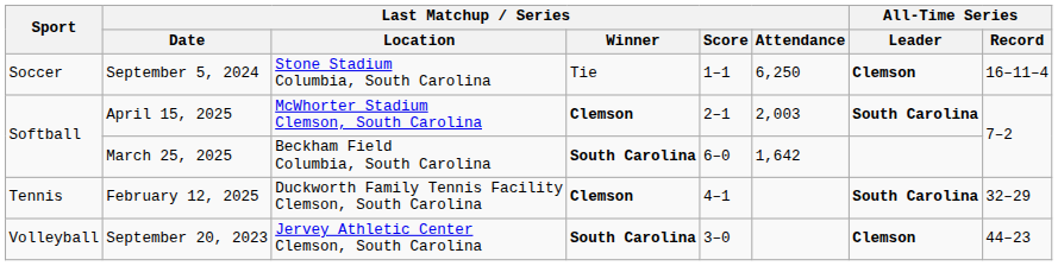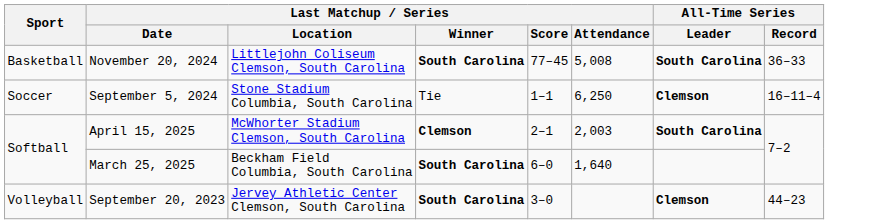 <table class="wikitable" style="text-align:left; font-size: 95%;">
 <tr>
 <th rowspan=2>Sport</th>
 <th colspan=5>Last Matchup / Series</th>
 <th colspan=2>All-Time Series</th>
 </tr>
 <tr>
 <th>Date</th>
 <th>Location</th>
 <th>Winner</th>
 <th>Score</th>
 <th>Attendance</th>
 <th>Leader</th>
 <th>Record</th>
+</tr>
+<tr>
+<td>Basketball</td>
+<td>November 20, 2024</td>
+<td><a href='#'>Littlejohn Coliseum</a><br><a href='#'>Clemson, South Carolina</a></td>
+<td><strong>South Carolina</strong></td>
+<td>77–45</td>
+<td>5,008</td>
+<td><strong>South Carolina</strong></td>
+<td>36–33</td>
 </tr>
 <tr>
 <td>Soccer</td>
 <td>September 5, 2024</td>
 <td><a href='#'>Stone Stadium</a><br>Columbia, South Carolina</td>
 <td>Tie</td>
 <td>1–1</td>
 <td>6,250</td>
 <td style=><strong>Clemson</strong></td>
 <td>16–11–4</td>
 </tr>
 <tr>
 <td rowspan=2>Softball</td>
 <td>April 15, 2025</td>
 <td><a href='#'>McWhorter Stadium</a><br><a href='#'>Clemson, South Carolina</a></td>
 <td style=><strong>Clemson</strong></td>
 <td>2–1 </td>
 <td>2,003</td>
 <td><strong>South Carolina</strong></td>
 <td rowspan=2>7–2</td>
 </tr>
 <tr>
 <td>March 25, 2025</td>
 <td>Beckham Field<br>Columbia, South Carolina</td>
 <td><strong>South Carolina</strong></td>
 <td>6–0</td>
-<td>1,642</td>
-</tr>
-<tr>
-<td>Tennis</td>
-<td>February 12, 2025</td>
-<td>Duckworth Family Tennis Facility<br>Clemson, South Carolina</td>
-<td style=><strong>Clemson</strong></td>
-<td>4–1</td>
-<td></td>
-<td><strong>South Carolina</strong></td>
-<td>32–29</td>
+<td>1,640</td>
 </tr>
 <tr>
 <td>Volleyball</td>
 <td>September 20, 2023</td>
 <td><a href='#'>Jervey Athletic Center</a><br>Clemson, South Carolina</td>
 <td><strong>South Carolina</strong></td>
 <td>3–0</td>
 <td></td>
 <td style=><strong>Clemson</strong></td>
 <td>44–23</td>
 </tr>
 </table>
